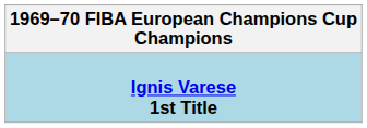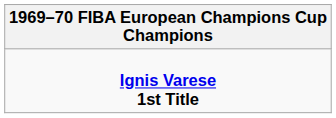 <table class=wikitable style="text-align:center; margin:auto">
 <tr>
 <th>1969–70 FIBA European Champions Cup<br>Champions</th>
 </tr>
 <tr>
-<td style="background: lightblue;"> <br> <strong><a href='#'>Ignis Varese</a></strong> <br> <strong>1st Title</strong></td>
+<td> <br> <strong><a href='#'>Ignis Varese</a></strong> <br> <strong>1st Title</strong></td>
 </tr>
 </table>
